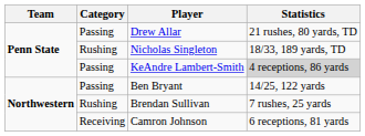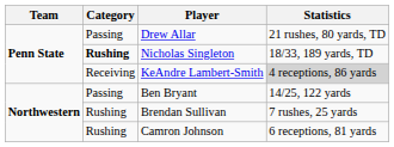 <table class="wikitable" style="float: left;">
 <tr>
 <th>Team</th>
 <th>Category</th>
 <th>Player</th>
 <th>Statistics</th>
 </tr>
 <tr>
 <td rowspan=3><strong>Penn State</strong></td>
 <td>Passing</td>
 <td><a href='#'>Drew Allar</a></td>
 <td>21 rushes, 80 yards, TD</td>
 </tr>
 <tr>
-<td>Rushing</td>
+<td><strong>Rushing</strong></td>
 <td><a href='#'>Nicholas Singleton</a></td>
 <td>18/33, 189 yards, TD</td>
 </tr>
 <tr>
-<td>Passing</td>
+<td>Receiving</td>
 <td><a href='#'>KeAndre Lambert-Smith</a></td>
 <td style="background: lightgrey;">4 receptions, 86 yards</td>
 </tr>
 <tr>
 <td rowspan=3><strong>Northwestern</strong></td>
 <td>Passing</td>
 <td>Ben Bryant</td>
 <td>14/25, 122 yards</td>
 </tr>
 <tr>
 <td>Rushing</td>
 <td>Brendan Sullivan</td>
 <td>7 rushes, 25 yards</td>
 </tr>
 <tr>
-<td>Receiving</td>
+<td>Rushing</td>
 <td>Camron Johnson</td>
 <td>6 receptions, 81 yards</td>
 </tr>
 </table>
